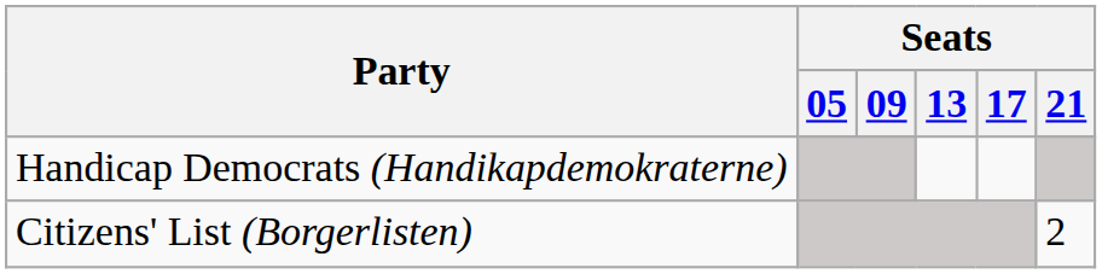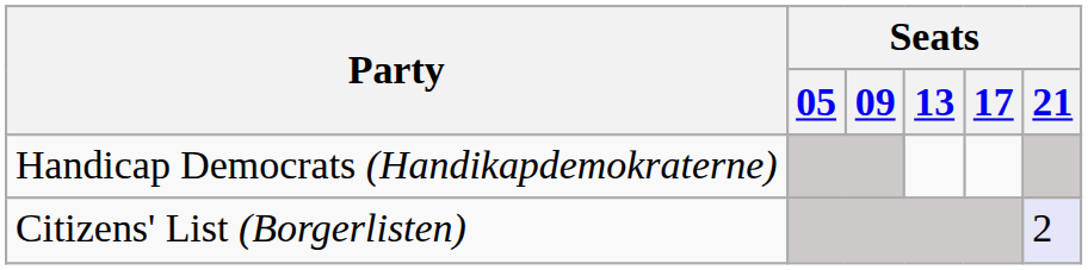 <table class="wikitable">
 <tr>
 <th rowspan=2>Party</th>
 <th colspan=11>Seats</th>
 </tr>
 <tr>
 <th><a href='#'>05</a></th>
 <th><a href='#'>09</a></th>
 <th><a href='#'>13</a></th>
 <th><a href='#'>17</a></th>
 <th><a href='#'>21</a></th>
 </tr>
 <tr>
 <td>Handicap Democrats <em>(Handikapdemokraterne)</em></td>
 <td style="background:#CDC9C9;" colspan=2></td>
 <td></td>
 <td></td>
 <td style="background:#CDC9C9;"></td>
 </tr>
 <tr>
 <td>Citizens' List <em>(Borgerlisten)</em></td>
 <td style="background:#CDC9C9;" colspan=4></td>
-<td>2</td>
+<td style="background: lavender;">2</td>
 </tr>
 </table>
